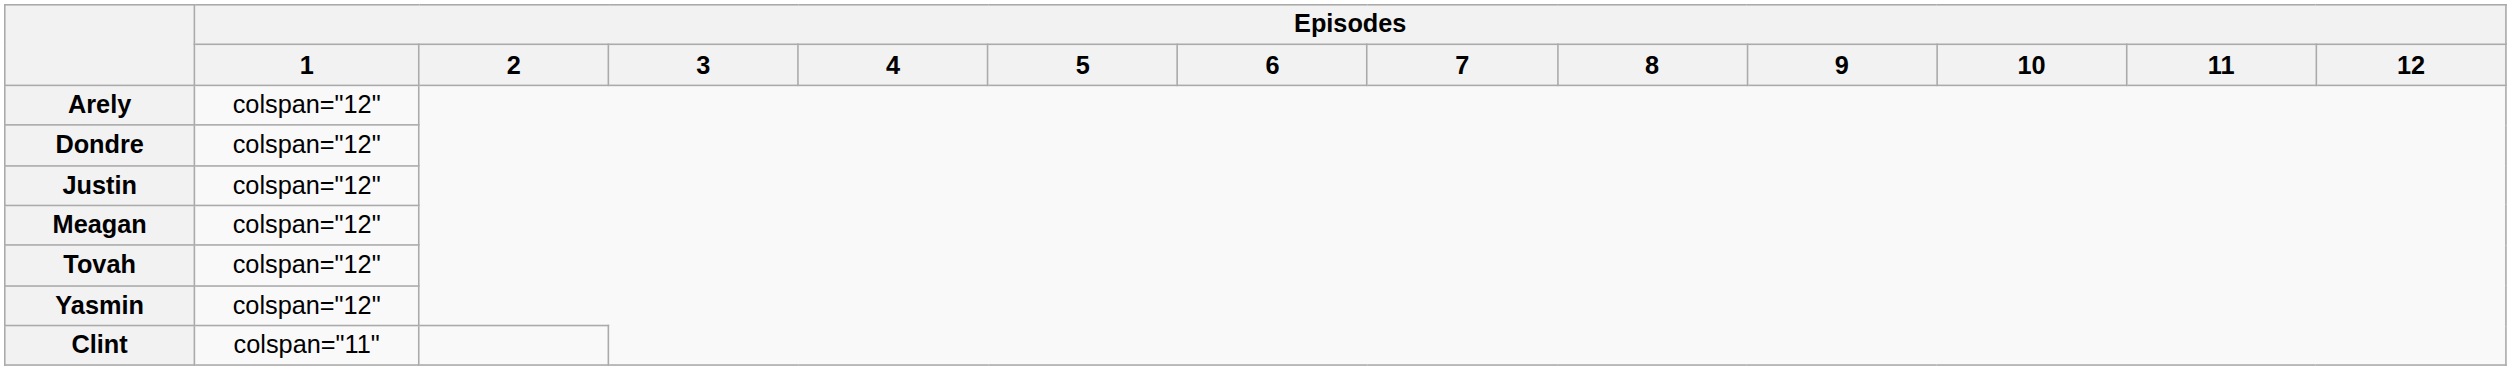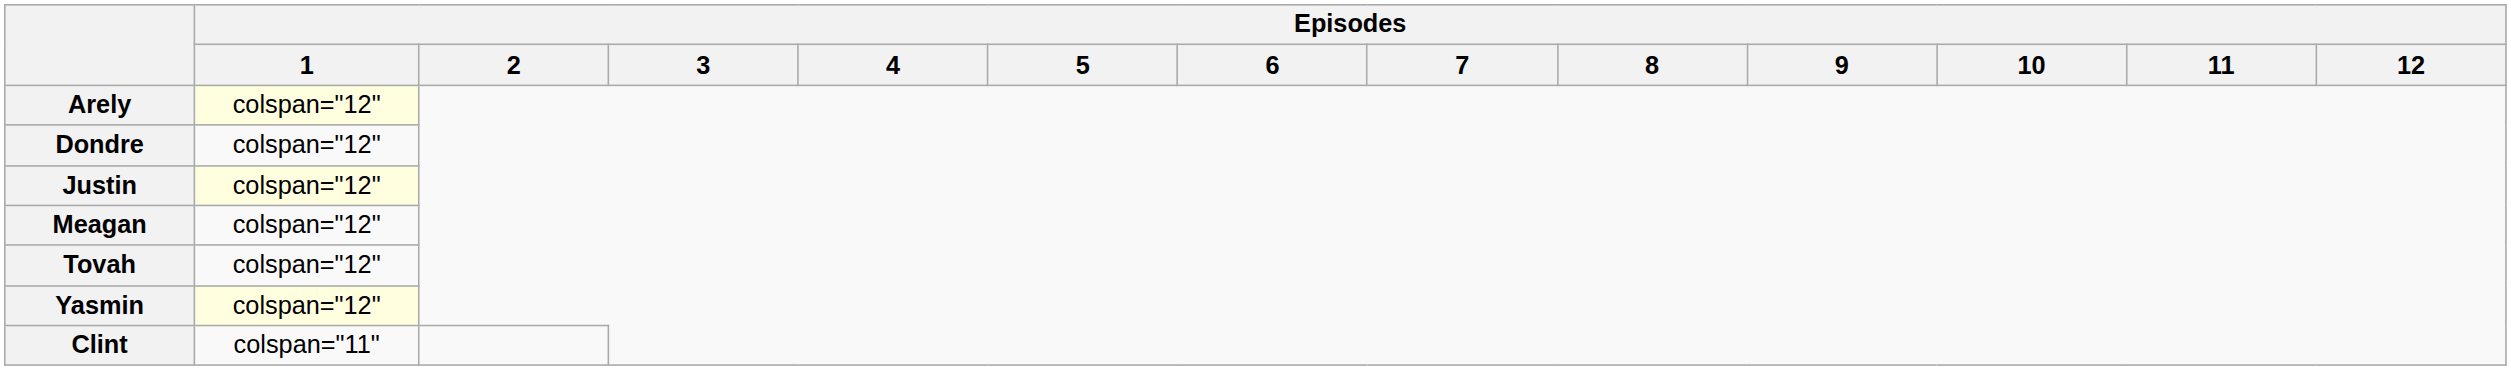 <table class="wikitable" style="text-align:center; width:100%">
 <tr>
 <th scope="col" rowspan="2" style="width:5%;"></th>
 <th scope="colgroup" colspan="12">Episodes</th>
 </tr>
 <tr>
 <th scope="col" style="width:5%;">1</th>
 <th scope="col" style="width:5%;">2</th>
 <th scope="col" style="width:5%;">3</th>
 <th scope="col" style="width:5%;">4</th>
 <th scope="col" style="width:5%;">5</th>
 <th scope="col" style="width:5%;">6</th>
 <th scope="col" style="width:5%;">7</th>
 <th scope="col" style="width:5%;">8</th>
 <th scope="col" style="width:5%;">9</th>
 <th scope="col" style="width:5%;">10</th>
 <th scope="col" style="width:5%;">11</th>
 <th scope="col" style="width:5%;">12</th>
 </tr>
 <tr>
 <th scope="row">Arely</th>
-<td>colspan="12" </td>
+<td style="background: lightyellow;">colspan="12" </td>
 </tr>
 <tr>
 <th scope="row">Dondre</th>
 <td>colspan="12" </td>
 </tr>
 <tr>
 <th scope="row">Justin</th>
-<td>colspan="12" </td>
+<td style="background: lightyellow;">colspan="12" </td>
 </tr>
 <tr>
 <th scope="row">Meagan</th>
 <td>colspan="12" </td>
 </tr>
 <tr>
 <th scope="row">Tovah</th>
 <td>colspan="12" </td>
 </tr>
 <tr>
 <th scope="row">Yasmin</th>
-<td>colspan="12" </td>
+<td style="background: lightyellow;">colspan="12" </td>
 </tr>
 <tr>
 <th scope="row">Clint</th>
 <td>colspan="11" </td>
 <td></td>
 </tr>
 </table>
